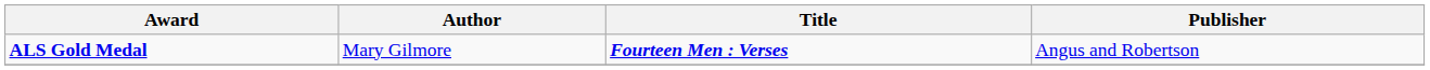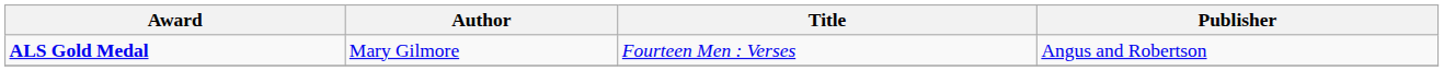 <table class="wikitable" width=95%>
 <tr>
 <th>Award</th>
 <th>Author</th>
 <th>Title</th>
 <th>Publisher</th>
 </tr>
 <tr>
 <td><strong><a href='#'>ALS Gold Medal</a></strong></td>
 <td><a href='#'>Mary Gilmore</a></td>
-<td><strong><em><a href='#'>Fourteen Men : Verses</a></em></strong></td>
+<td><em><a href='#'>Fourteen Men : Verses</a></em></td>
 <td><a href='#'>Angus and Robertson</a></td>
 </tr>
 <tr>
 </tr>
 </table>
